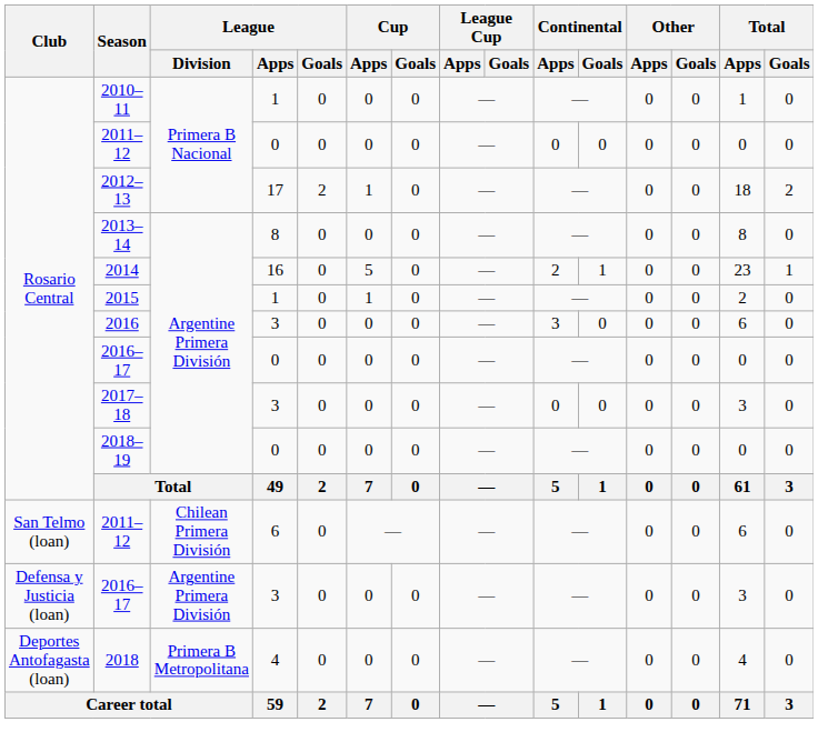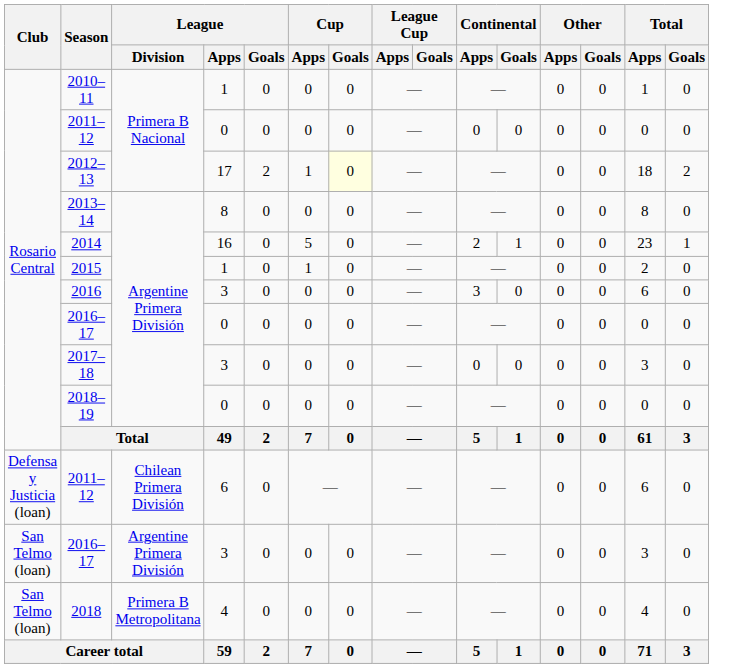 <table class="wikitable" style="text-align:center">
 <tr>
 <th rowspan="2">Club</th>
 <th rowspan="2">Season</th>
 <th colspan="3">League</th>
 <th colspan="2">Cup</th>
 <th colspan="2">League Cup</th>
 <th colspan="2">Continental</th>
 <th colspan="2">Other</th>
 <th colspan="2">Total</th>
 </tr>
 <tr>
 <th>Division</th>
 <th>Apps</th>
 <th>Goals</th>
 <th>Apps</th>
 <th>Goals</th>
 <th>Apps</th>
 <th>Goals</th>
 <th>Apps</th>
 <th>Goals</th>
 <th>Apps</th>
 <th>Goals</th>
 <th>Apps</th>
 <th>Goals</th>
 </tr>
 <tr>
 <td rowspan="11"><a href='#'>Rosario Central</a></td>
 <td><a href='#'>2010–11</a></td>
 <td rowspan="3"><a href='#'>Primera B Nacional</a></td>
 <td>1</td>
 <td>0</td>
 <td>0</td>
 <td>0</td>
 <td colspan="2">—</td>
 <td colspan="2">—</td>
 <td>0</td>
 <td>0</td>
 <td>1</td>
 <td>0</td>
 </tr>
 <tr>
 <td><a href='#'>2011–12</a></td>
 <td>0</td>
 <td>0</td>
 <td>0</td>
 <td>0</td>
 <td colspan="2">—</td>
 <td>0</td>
 <td>0</td>
 <td>0</td>
 <td>0</td>
 <td>0</td>
 <td>0</td>
 </tr>
 <tr>
 <td><a href='#'>2012–13</a></td>
 <td>17</td>
 <td>2</td>
 <td>1</td>
-<td>0</td>
+<td style="background: lightyellow;">0</td>
 <td colspan="2">—</td>
 <td colspan="2">—</td>
 <td>0</td>
 <td>0</td>
 <td>18</td>
 <td>2</td>
 </tr>
 <tr>
 <td><a href='#'>2013–14</a></td>
 <td rowspan="7"><a href='#'>Argentine Primera División</a></td>
 <td>8</td>
 <td>0</td>
 <td>0</td>
 <td>0</td>
 <td colspan="2">—</td>
 <td colspan="2">—</td>
 <td>0</td>
 <td>0</td>
 <td>8</td>
 <td>0</td>
 </tr>
 <tr>
 <td><a href='#'>2014</a></td>
 <td>16</td>
 <td>0</td>
 <td>5</td>
 <td>0</td>
 <td colspan="2">—</td>
 <td>2</td>
 <td>1</td>
 <td>0</td>
 <td>0</td>
 <td>23</td>
 <td>1</td>
 </tr>
 <tr>
 <td><a href='#'>2015</a></td>
 <td>1</td>
 <td>0</td>
 <td>1</td>
 <td>0</td>
 <td colspan="2">—</td>
 <td colspan="2">—</td>
 <td>0</td>
 <td>0</td>
 <td>2</td>
 <td>0</td>
 </tr>
 <tr>
 <td><a href='#'>2016</a></td>
 <td>3</td>
 <td>0</td>
 <td>0</td>
 <td>0</td>
 <td colspan="2">—</td>
 <td>3</td>
 <td>0</td>
 <td>0</td>
 <td>0</td>
 <td>6</td>
 <td>0</td>
 </tr>
 <tr>
 <td><a href='#'>2016–17</a></td>
 <td>0</td>
 <td>0</td>
 <td>0</td>
 <td>0</td>
 <td colspan="2">—</td>
 <td colspan="2">—</td>
 <td>0</td>
 <td>0</td>
 <td>0</td>
 <td>0</td>
 </tr>
 <tr>
 <td><a href='#'>2017–18</a></td>
 <td>3</td>
 <td>0</td>
 <td>0</td>
 <td>0</td>
 <td colspan="2">—</td>
 <td>0</td>
 <td>0</td>
 <td>0</td>
 <td>0</td>
 <td>3</td>
 <td>0</td>
 </tr>
 <tr>
 <td><a href='#'>2018–19</a></td>
 <td>0</td>
 <td>0</td>
 <td>0</td>
 <td>0</td>
 <td colspan="2">—</td>
 <td colspan="2">—</td>
 <td>0</td>
 <td>0</td>
 <td>0</td>
 <td>0</td>
 </tr>
 <tr>
 <th colspan="2">Total</th>
 <th>49</th>
 <th>2</th>
 <th>7</th>
 <th>0</th>
 <th colspan="2">—</th>
 <th>5</th>
 <th>1</th>
 <th>0</th>
 <th>0</th>
 <th>61</th>
 <th>3</th>
 </tr>
 <tr>
-<td rowspan="1"><a href='#'>San Telmo</a> (loan)</td>
+<td rowspan="1"><a href='#'>Defensa y Justicia</a> (loan)</td>
 <td><a href='#'>2011–12</a></td>
 <td rowspan="1"><a href='#'>Chilean Primera División</a></td>
 <td>6</td>
 <td>0</td>
 <td colspan="2">—</td>
 <td colspan="2">—</td>
 <td colspan="2">—</td>
 <td>0</td>
 <td>0</td>
 <td>6</td>
 <td>0</td>
 </tr>
 <tr>
-<td rowspan="1"><a href='#'>Defensa y Justicia</a> (loan)</td>
+<td rowspan="1"><a href='#'>San Telmo</a> (loan)</td>
 <td><a href='#'>2016–17</a></td>
 <td rowspan="1"><a href='#'>Argentine Primera División</a></td>
 <td>3</td>
 <td>0</td>
 <td>0</td>
 <td>0</td>
 <td colspan="2">—</td>
 <td colspan="2">—</td>
 <td>0</td>
 <td>0</td>
 <td>3</td>
 <td>0</td>
 </tr>
 <tr>
-<td rowspan="1"><a href='#'>Deportes Antofagasta</a> (loan)</td>
+<td rowspan="1"><a href='#'>San Telmo</a> (loan)</td>
 <td><a href='#'>2018</a></td>
 <td rowspan="1"><a href='#'>Primera B Metropolitana</a></td>
 <td>4</td>
 <td>0</td>
 <td>0</td>
 <td>0</td>
 <td colspan="2">—</td>
 <td colspan="2">—</td>
 <td>0</td>
 <td>0</td>
 <td>4</td>
 <td>0</td>
 </tr>
 <tr>
 <th colspan="3">Career total</th>
 <th>59</th>
 <th>2</th>
 <th>7</th>
 <th>0</th>
 <th colspan="2">—</th>
 <th>5</th>
 <th>1</th>
 <th>0</th>
 <th>0</th>
 <th>71</th>
 <th>3</th>
 </tr>
 </table>
